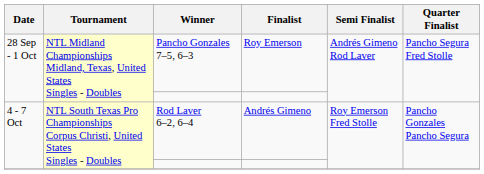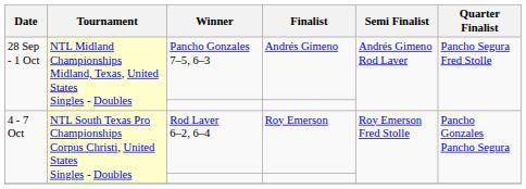 <table class="wikitable" style="font-size:85%;">
 <tr>
 <th width="75">Date</th>
 <th width="230">Tournament</th>
 <th width="210">Winner</th>
 <th width="210">Finalist</th>
 <th width="170">Semi Finalist</th>
 <th width="170">Quarter Finalist</th>
 </tr>
 <tr valign=top>
 <td rowspan=2>28 Sep - 1 Oct</td>
 <td style="background:#ffc;" rowspan=2><a href='#'>NTL Midland Championships</a><br><a href='#'>Midland, Texas</a>, <a href='#'>United States</a><br><a href='#'>Singles</a> - <a href='#'>Doubles</a></td>
 <td> <a href='#'>Pancho Gonzales</a> <br>7–5, 6–3</td>
-<td> <a href='#'>Roy Emerson</a></td>
+<td> <a href='#'>Andrés Gimeno</a></td>
 <td rowspan=2> <a href='#'>Andrés Gimeno</a> <br> <a href='#'>Rod Laver</a></td>
 <td rowspan=2> <a href='#'>Pancho Segura</a> <br> <a href='#'>Fred Stolle</a></td>
 </tr>
 <tr valign=top>
 <td></td>
 <td></td>
 </tr>
 <tr valign=top>
 <td rowspan=2>4 - 7 Oct</td>
 <td style="background:#ffc;" rowspan=2><a href='#'>NTL South Texas Pro Championships</a><br><a href='#'>Corpus Christi</a>, <a href='#'>United States</a><br><a href='#'>Singles</a> - <a href='#'>Doubles</a></td>
 <td> <a href='#'>Rod Laver</a> <br>6–2, 6–4</td>
-<td> <a href='#'>Andrés Gimeno</a></td>
+<td> <a href='#'>Roy Emerson</a></td>
 <td rowspan=2> <a href='#'>Roy Emerson</a><br> <a href='#'>Fred Stolle</a></td>
 <td rowspan=2> <a href='#'>Pancho Gonzales</a> <br> <a href='#'>Pancho Segura</a></td>
 </tr>
 <tr valign=top>
 <td></td>
 <td></td>
 </tr>
 <tr valign=top>
 </tr>
 </table>
